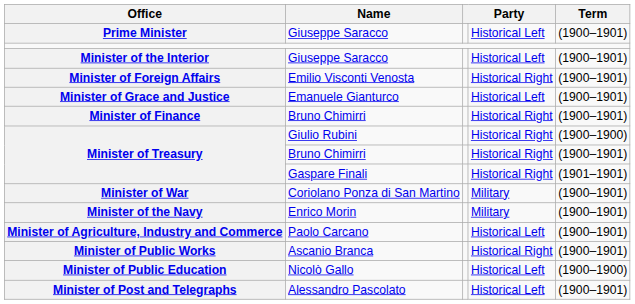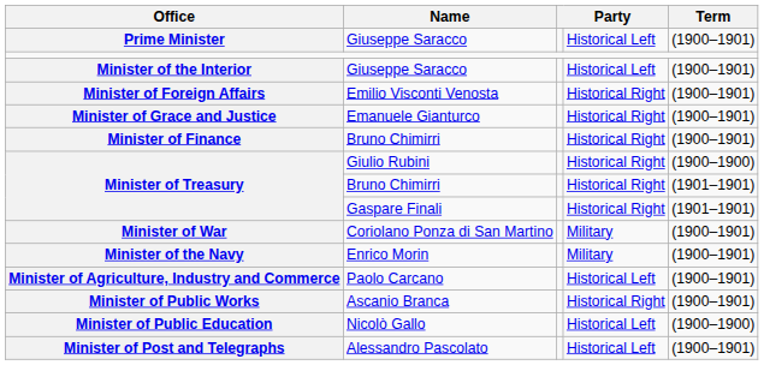 <table class="wikitable" style="font-size: 100%;">
 <tr>
 <th>Office</th>
 <th>Name</th>
 <th colspan=2>Party</th>
 <th>Term</th>
 </tr>
 <tr>
 <th><a href='#'>Prime Minister</a></th>
 <td><a href='#'>Giuseppe Saracco</a></td>
 <td style="color:inherit;background:"></td>
 <td><a href='#'>Historical Left</a></td>
 <td>(1900–1901)</td>
 </tr>
 <tr>
 <td colspan=6></td>
 </tr>
 <tr>
 <th><a href='#'>Minister of the Interior</a></th>
 <td><a href='#'>Giuseppe Saracco</a></td>
 <td style="color:inherit;background:"></td>
 <td><a href='#'>Historical Left</a></td>
 <td>(1900–1901)</td>
 </tr>
 <tr>
 <th><a href='#'>Minister of Foreign Affairs</a></th>
 <td><a href='#'>Emilio Visconti Venosta</a></td>
 <td style="color:inherit;background:"></td>
 <td><a href='#'>Historical Right</a></td>
 <td>(1900–1901)</td>
 </tr>
 <tr>
 <th><a href='#'>Minister of Grace and Justice</a></th>
 <td><a href='#'>Emanuele Gianturco</a></td>
 <td style="color:inherit;background:"></td>
-<td><a href='#'>Historical Left</a></td>
+<td><a href='#'>Historical Right</a></td>
 <td>(1900–1901)</td>
 </tr>
 <tr>
 <th><a href='#'>Minister of Finance</a></th>
 <td><a href='#'>Bruno Chimirri</a></td>
 <td style="color:inherit;background:"></td>
 <td><a href='#'>Historical Right</a></td>
 <td>(1900–1901)</td>
 </tr>
 <tr>
 <th rowspan=3><a href='#'>Minister of Treasury</a></th>
 <td><a href='#'>Giulio Rubini</a></td>
 <td style="color:inherit;background:"></td>
 <td><a href='#'>Historical Right</a></td>
 <td>(1900–1900)</td>
 </tr>
 <tr>
 <td><a href='#'>Bruno Chimirri</a></td>
 <td style="color:inherit;background:"></td>
 <td><a href='#'>Historical Right</a></td>
-<td>(1900–1901)</td>
+<td>(1901–1901)</td>
 </tr>
 <tr>
 <td><a href='#'>Gaspare Finali</a></td>
 <td style="color:inherit;background:"></td>
 <td><a href='#'>Historical Right</a></td>
 <td>(1901–1901)</td>
 </tr>
 <tr>
 <th><a href='#'>Minister of War</a></th>
 <td><a href='#'>Coriolano Ponza di San Martino</a></td>
 <td style="color:inherit;background:"></td>
 <td><a href='#'>Military</a></td>
 <td>(1900–1901)</td>
 </tr>
 <tr>
 <th><a href='#'>Minister of the Navy</a></th>
 <td><a href='#'>Enrico Morin</a></td>
 <td style="color:inherit;background:"></td>
 <td><a href='#'>Military</a></td>
 <td>(1900–1901)</td>
 </tr>
 <tr>
 <th><a href='#'>Minister of Agriculture, Industry and Commerce</a></th>
 <td><a href='#'>Paolo Carcano</a></td>
 <td style="color:inherit;background:"></td>
 <td><a href='#'>Historical Left</a></td>
 <td>(1900–1901)</td>
 </tr>
 <tr>
 <th><a href='#'>Minister of Public Works</a></th>
 <td><a href='#'>Ascanio Branca</a></td>
 <td style="color:inherit;background:"></td>
 <td><a href='#'>Historical Right</a></td>
 <td>(1900–1901)</td>
 </tr>
 <tr>
 <th><a href='#'>Minister of Public Education</a></th>
 <td><a href='#'>Nicolò Gallo</a></td>
 <td style="color:inherit;background:"></td>
 <td><a href='#'>Historical Left</a></td>
 <td>(1900–1900)</td>
 </tr>
 <tr>
 <th><a href='#'>Minister of Post and Telegraphs</a></th>
 <td><a href='#'>Alessandro Pascolato</a></td>
 <td style="color:inherit;background:"></td>
 <td><a href='#'>Historical Left</a></td>
 <td>(1900–1901)</td>
 </tr>
 </table>
